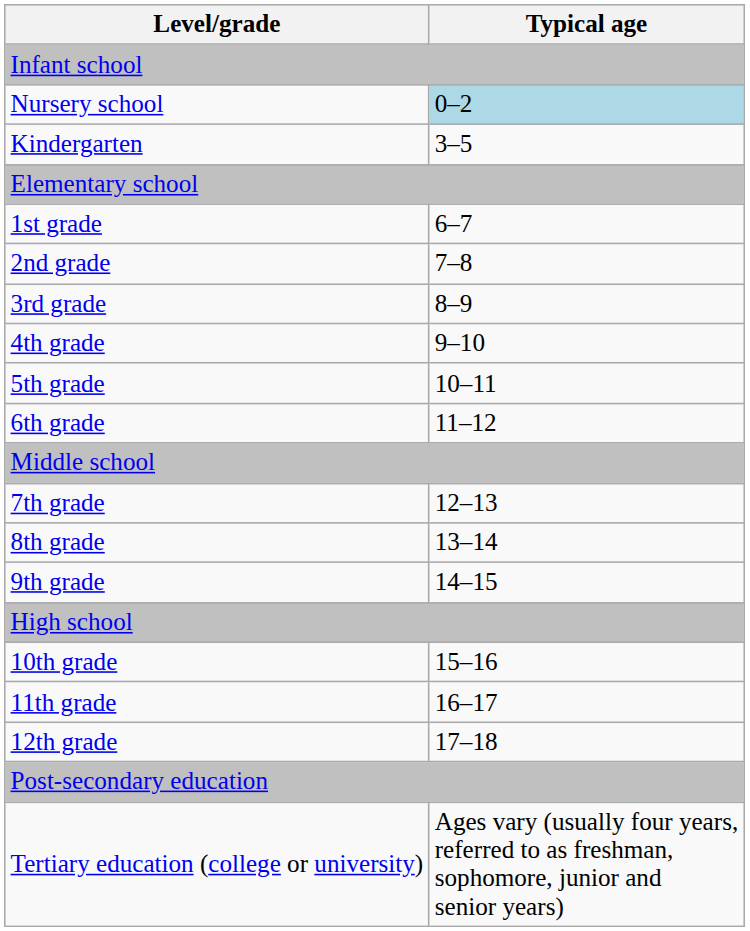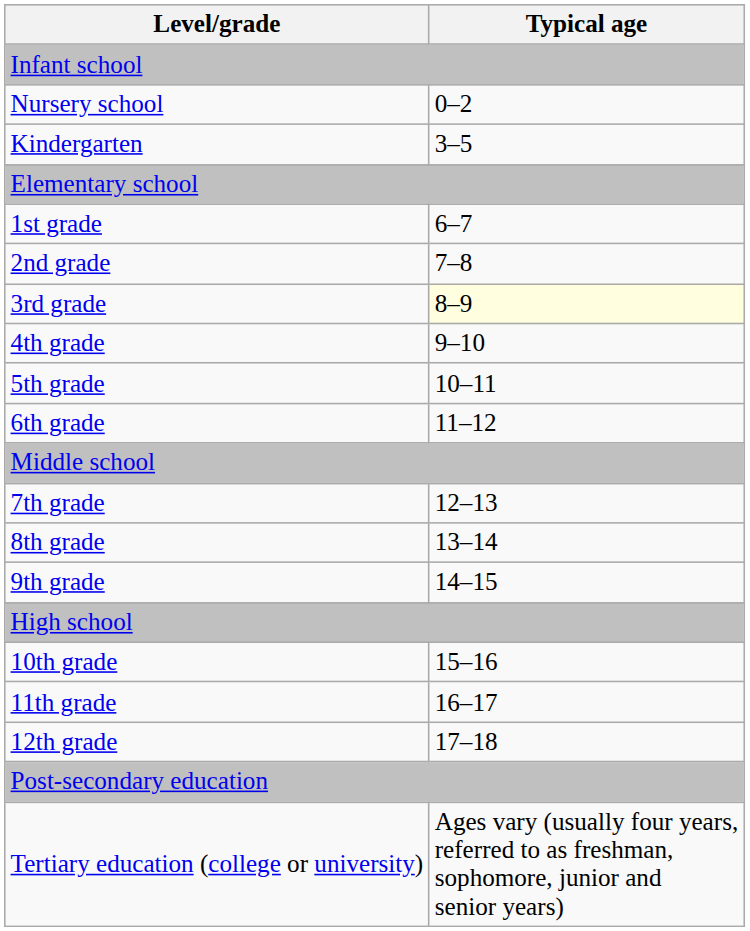 <table class="wikitable">
 <tr>
 <th>Level/grade</th>
 <th>Typical age</th>
 </tr>
 <tr style="background:silver;">
 <td colspan=2><a href='#'>Infant school</a></td>
 </tr>
 <tr>
 <td><a href='#'>Nursery school</a></td>
-<td style="background: lightblue;">0–2</td>
+<td>0–2</td>
 </tr>
 <tr>
 <td><a href='#'>Kindergarten</a></td>
 <td>3–5</td>
 </tr>
 <tr style="background:silver;">
 <td colspan=2><a href='#'>Elementary school</a></td>
 </tr>
 <tr>
 <td><a href='#'>1st grade</a></td>
 <td>6–7</td>
 </tr>
 <tr>
 <td><a href='#'>2nd grade</a></td>
 <td>7–8</td>
 </tr>
 <tr>
 <td><a href='#'>3rd grade</a></td>
-<td>8–9</td>
+<td style="background: lightyellow;">8–9</td>
 </tr>
 <tr>
 <td><a href='#'>4th grade</a></td>
 <td>9–10</td>
 </tr>
 <tr>
 <td><a href='#'>5th grade</a></td>
 <td>10–11</td>
 </tr>
 <tr>
 <td><a href='#'>6th grade</a></td>
 <td>11–12</td>
 </tr>
 <tr style="background:silver;">
 <td colspan=2><a href='#'>Middle school</a></td>
 </tr>
 <tr>
 <td><a href='#'>7th grade</a></td>
 <td>12–13</td>
 </tr>
 <tr>
 <td><a href='#'>8th grade</a></td>
 <td>13–14</td>
 </tr>
 <tr>
 <td><a href='#'>9th grade</a></td>
 <td>14–15</td>
 </tr>
 <tr style="background:silver;">
 <td colspan=2><a href='#'>High school</a></td>
 </tr>
 <tr>
 <td><a href='#'>10th grade</a></td>
 <td>15–16</td>
 </tr>
 <tr>
 <td><a href='#'>11th grade</a></td>
 <td>16–17</td>
 </tr>
 <tr>
 <td><a href='#'>12th grade</a></td>
 <td>17–18</td>
 </tr>
 <tr style="background:silver;">
 <td colspan=2><a href='#'>Post-secondary education</a></td>
 </tr>
 <tr>
 <td><a href='#'>Tertiary education</a> (<a href='#'>college</a> or <a href='#'>university</a>)</td>
 <td>Ages vary (usually four years,<br>referred to as freshman,<br>sophomore, junior and<br>senior years)</td>
 </tr>
 </table>
